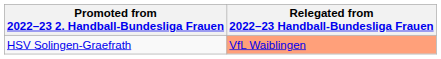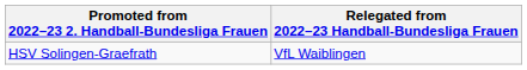 <table class="wikitable">
 <tr>
 <th>Promoted from<br><a href='#'>2022–23 2. Handball-Bundesliga Frauen</a></th>
 <th>Relegated from<br><a href='#'>2022–23 Handball-Bundesliga Frauen</a></th>
 </tr>
 <tr>
 <td><a href='#'>HSV Solingen-Graefrath</a></td>
-<td style="background: lightsalmon;"><a href='#'>VfL Waiblingen</a></td>
+<td><a href='#'>VfL Waiblingen</a></td>
 </tr>
 </table>
